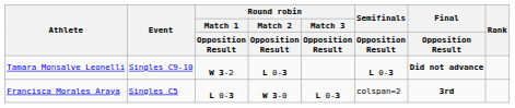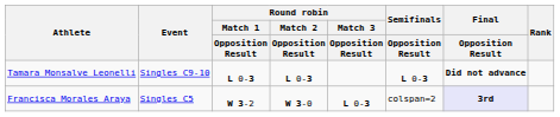 <table class="wikitable" border="1" style="font-size:90%">
 <tr>
 <th rowspan=3>Athlete</th>
 <th rowspan=3>Event</th>
 <th colspan=3>Round robin</th>
 <th rowspan=2>Semifinals</th>
 <th rowspan=2>Final</th>
 <th rowspan=3>Rank</th>
 </tr>
 <tr>
 <th>Match 1</th>
 <th>Match 2</th>
 <th>Match 3</th>
 </tr>
 <tr>
 <th>Opposition<br>Result</th>
 <th>Opposition<br>Result</th>
 <th>Opposition<br>Result</th>
 <th>Opposition<br>Result</th>
 <th>Opposition<br>Result</th>
 </tr>
 <tr>
 <td><a href='#'>Tamara Monsalve Leonelli</a></td>
 <td><a href='#'>Singles C9-10</a></td>
-<td align=center><br><strong>W</strong> <strong>3</strong>-2</td>
+<td align=center><br><strong>L</strong> 0-<strong>3</strong></td>
 <td align=center><br><strong>L</strong> 0-<strong>3</strong></td>
 <td></td>
 <td align=center><br><strong>L</strong> 0-<strong>3</strong></td>
 <td align=center><strong>Did not advance</strong></td>
 <td align=center></td>
 </tr>
 <tr>
 <td><a href='#'>Francisca Morales Araya</a></td>
 <td><a href='#'>Singles C5</a></td>
-<td align=center><br><strong>L</strong> 0-<strong>3</strong></td>
+<td align=center><br><strong>W</strong> <strong>3</strong>-2</td>
 <td align=center><br><strong>W</strong> <strong>3</strong>-0</td>
 <td align=center><br><strong>L</strong> 0-<strong>3</strong></td>
 <td>colspan=2 </td>
-<td align=center><strong>3rd</strong></td>
+<td align=center style="background: lavender;"><strong>3rd</strong></td>
 </tr>
 </table>
